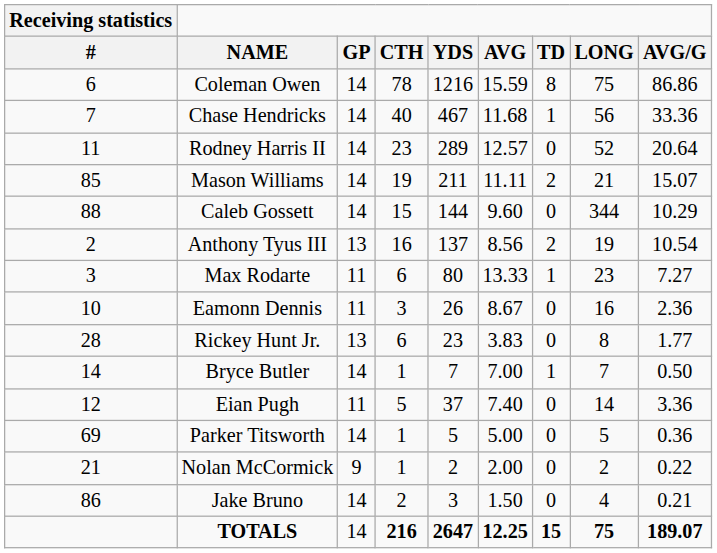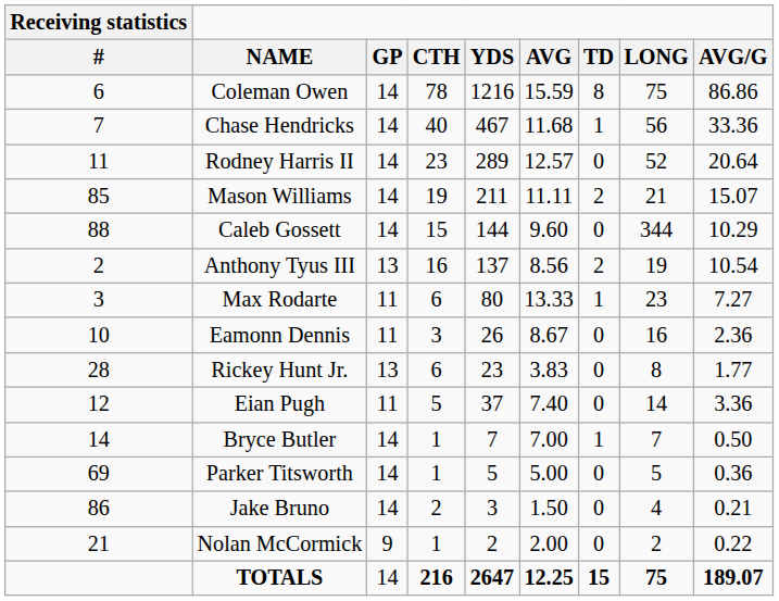 <table class="wikitable sortable" style="text-align:center;">
 <tr>
 <th style="text-align:center; ">Receiving statistics</th>
 </tr>
 <tr>
 <th>#</th>
 <th>NAME</th>
 <th>GP</th>
 <th>CTH</th>
 <th>YDS</th>
 <th>AVG</th>
 <th>TD</th>
 <th>LONG</th>
 <th>AVG/G</th>
 </tr>
 <tr>
 <td>6</td>
 <td>Coleman Owen</td>
 <td>14</td>
 <td>78</td>
 <td>1216</td>
 <td>15.59</td>
 <td>8</td>
 <td>75</td>
 <td>86.86</td>
 </tr>
 <tr>
 <td>7</td>
 <td>Chase Hendricks</td>
 <td>14</td>
 <td>40</td>
 <td>467</td>
 <td>11.68</td>
 <td>1</td>
 <td>56</td>
 <td>33.36</td>
 </tr>
 <tr>
 <td>11</td>
 <td>Rodney Harris II</td>
 <td>14</td>
 <td>23</td>
 <td>289</td>
 <td>12.57</td>
 <td>0</td>
 <td>52</td>
 <td>20.64</td>
 </tr>
 <tr>
 <td>85</td>
 <td>Mason Williams</td>
 <td>14</td>
 <td>19</td>
 <td>211</td>
 <td>11.11</td>
 <td>2</td>
 <td>21</td>
 <td>15.07</td>
 </tr>
 <tr>
 <td>88</td>
 <td>Caleb Gossett</td>
 <td>14</td>
 <td>15</td>
 <td>144</td>
 <td>9.60</td>
 <td>0</td>
 <td>344</td>
 <td>10.29</td>
 </tr>
 <tr>
 <td>2</td>
 <td>Anthony Tyus III</td>
 <td>13</td>
 <td>16</td>
 <td>137</td>
 <td>8.56</td>
 <td>2</td>
 <td>19</td>
 <td>10.54</td>
 </tr>
 <tr>
 <td>3</td>
 <td>Max Rodarte</td>
 <td>11</td>
 <td>6</td>
 <td>80</td>
 <td>13.33</td>
 <td>1</td>
 <td>23</td>
 <td>7.27</td>
 </tr>
 <tr>
 <td>10</td>
 <td>Eamonn Dennis</td>
 <td>11</td>
 <td>3</td>
 <td>26</td>
 <td>8.67</td>
 <td>0</td>
 <td>16</td>
 <td>2.36</td>
 </tr>
 <tr>
 <td>28</td>
 <td>Rickey Hunt Jr.</td>
 <td>13</td>
 <td>6</td>
 <td>23</td>
 <td>3.83</td>
 <td>0</td>
 <td>8</td>
 <td>1.77</td>
 </tr>
 <tr>
+<td>12</td>
+<td>Eian Pugh</td>
+<td>11</td>
+<td>5</td>
+<td>37</td>
+<td>7.40</td>
+<td>0</td>
+<td>14</td>
+<td>3.36</td>
+</tr>
+<tr>
 <td>14</td>
 <td>Bryce Butler</td>
 <td>14</td>
 <td>1</td>
 <td>7</td>
 <td>7.00</td>
 <td>1</td>
 <td>7</td>
 <td>0.50</td>
-</tr>
-<tr>
-<td>12</td>
-<td>Eian Pugh</td>
-<td>11</td>
-<td>5</td>
-<td>37</td>
-<td>7.40</td>
-<td>0</td>
-<td>14</td>
-<td>3.36</td>
 </tr>
 <tr>
 <td>69</td>
 <td>Parker Titsworth</td>
 <td>14</td>
 <td>1</td>
 <td>5</td>
 <td>5.00</td>
 <td>0</td>
 <td>5</td>
 <td>0.36</td>
 </tr>
 <tr>
+<td>86</td>
+<td>Jake Bruno</td>
+<td>14</td>
+<td>2</td>
+<td>3</td>
+<td>1.50</td>
+<td>0</td>
+<td>4</td>
+<td>0.21</td>
+</tr>
+<tr>
 <td>21</td>
 <td>Nolan McCormick</td>
 <td>9</td>
 <td>1</td>
 <td>2</td>
 <td>2.00</td>
 <td>0</td>
 <td>2</td>
 <td>0.22</td>
-</tr>
-<tr>
-<td>86</td>
-<td>Jake Bruno</td>
-<td>14</td>
-<td>2</td>
-<td>3</td>
-<td>1.50</td>
-<td>0</td>
-<td>4</td>
-<td>0.21</td>
 </tr>
 <tr>
 <td></td>
 <td><strong>TOTALS</strong></td>
 <td>14</td>
 <td><strong>216</strong></td>
 <td><strong>2647</strong></td>
 <td><strong>12.25</strong></td>
 <td><strong>15</strong></td>
 <td><strong>75</strong></td>
 <td><strong>189.07</strong></td>
 </tr>
 </table>
